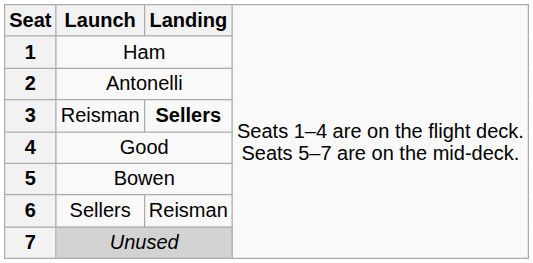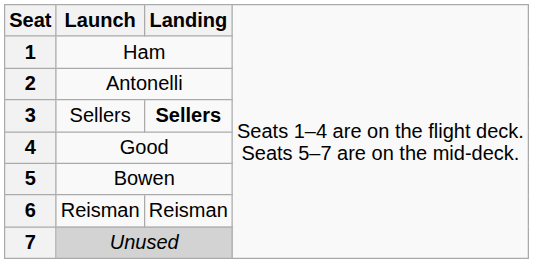 <table class="wikitable" style="text-align:center">
 <tr>
 <th>Seat</th>
 <th>Launch</th>
 <th>Landing</th>
 <td rowspan=8><br>Seats 1–4 are on the flight deck.<br>Seats 5–7 are on the mid-deck.</td>
 </tr>
 <tr>
 <th>1</th>
 <td colspan=2>Ham</td>
 </tr>
 <tr>
 <th>2</th>
 <td colspan=2>Antonelli</td>
 </tr>
 <tr>
 <th>3</th>
-<td>Reisman</td>
+<td>Sellers</td>
 <td><strong>Sellers</strong></td>
 </tr>
 <tr>
 <th>4</th>
 <td colspan=2>Good</td>
 </tr>
 <tr>
 <th>5</th>
 <td colspan=2>Bowen</td>
 </tr>
 <tr>
 <th>6</th>
-<td>Sellers</td>
+<td>Reisman</td>
 <td>Reisman</td>
 </tr>
 <tr>
 <th>7</th>
 <td colspan=2 style="background-color:lightgray"><em>Unused</em></td>
 </tr>
 </table>
